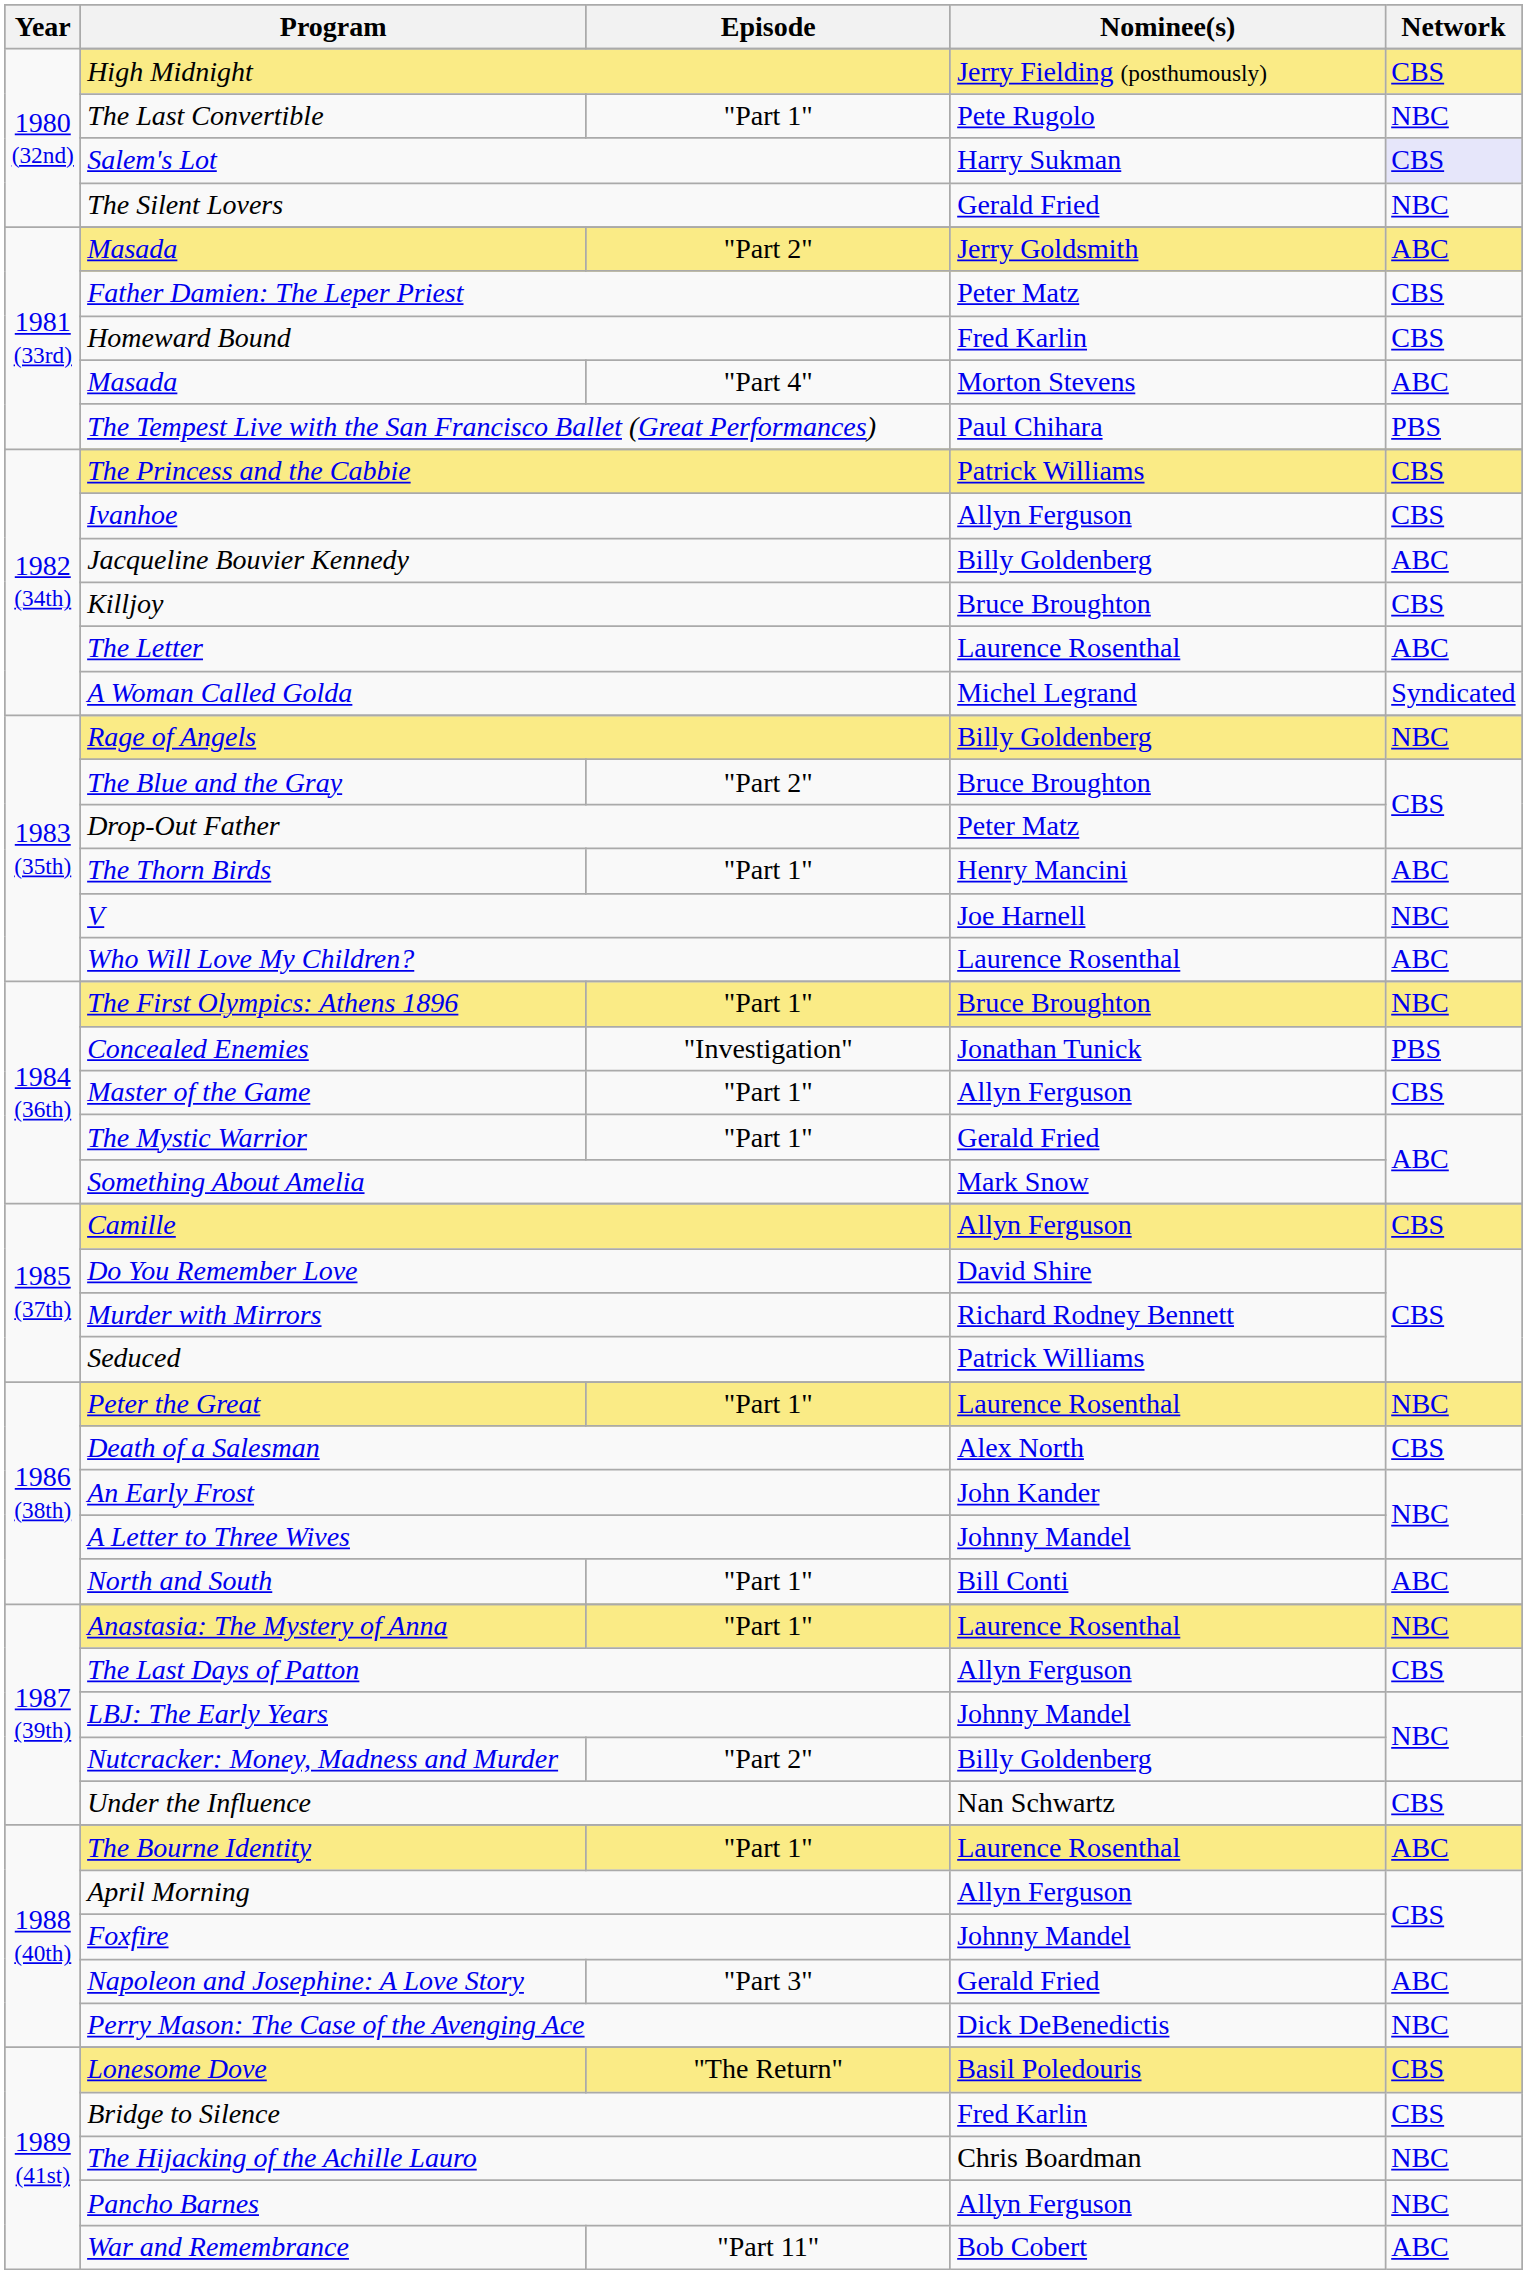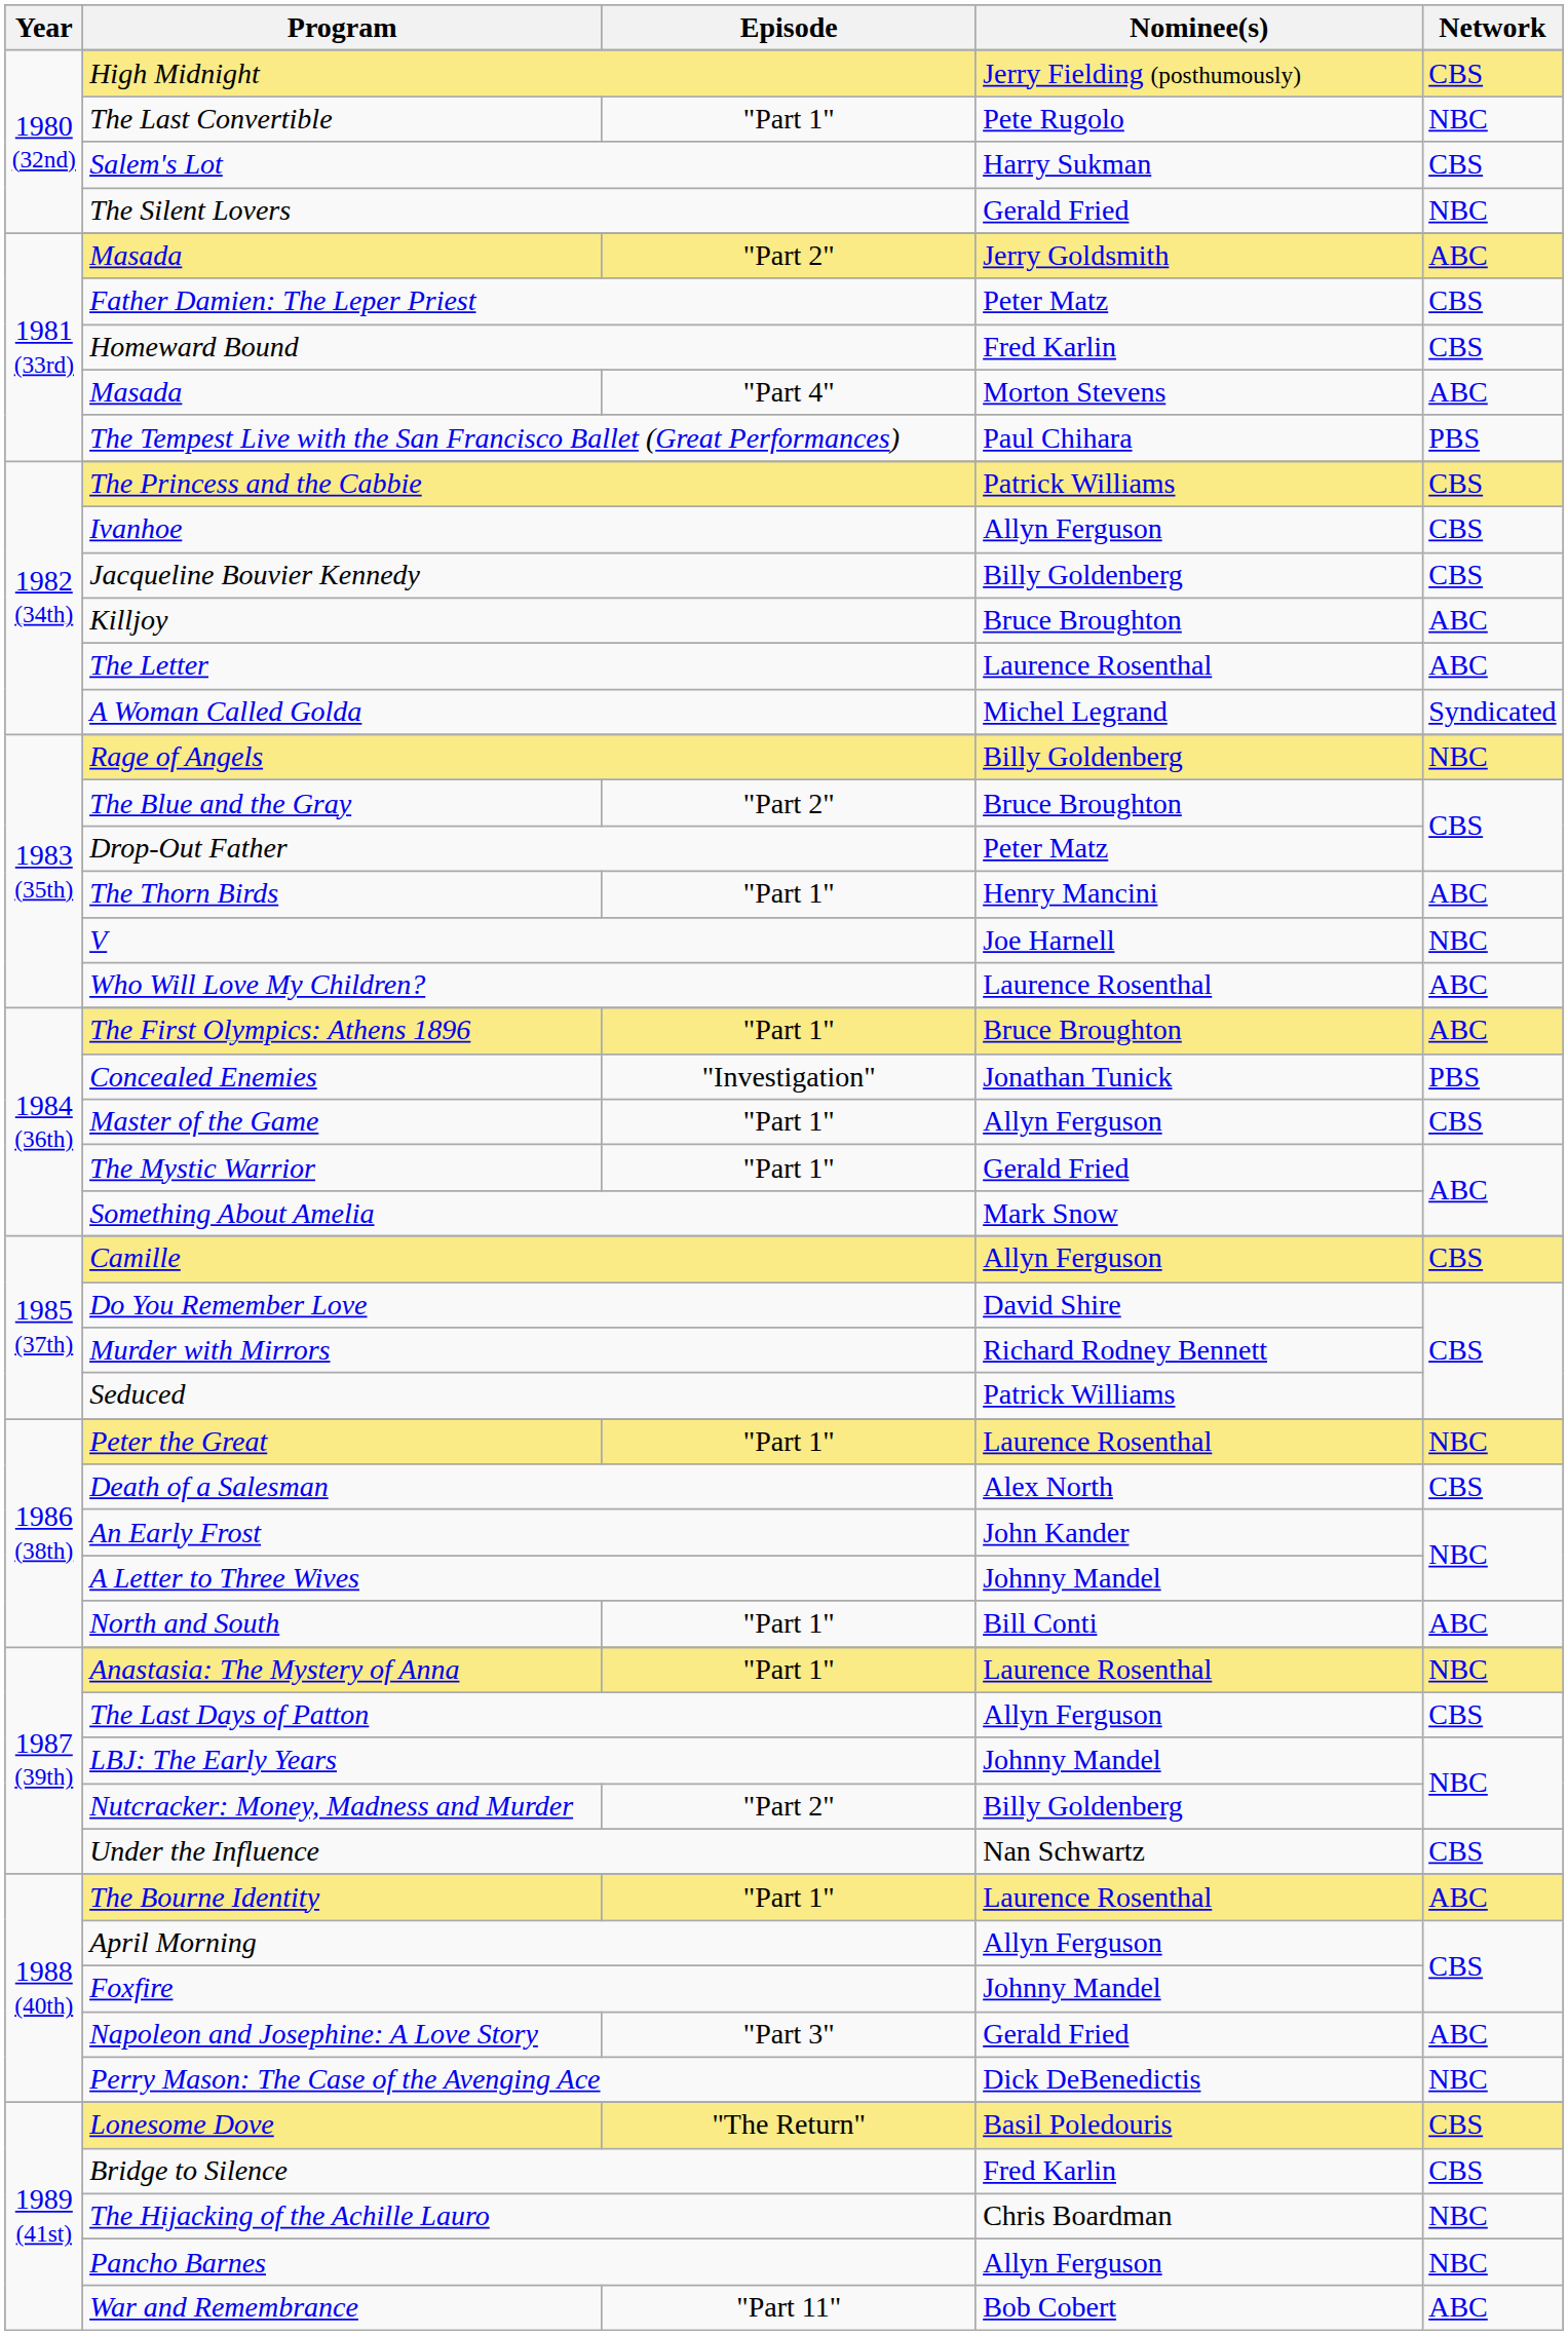 <table class="wikitable">
 <tr>
 <th width="5%">Year</th>
 <th width="35%">Program</th>
 <th width="25%">Episode</th>
 <th width="30%">Nominee(s)</th>
 <th width="5%">Network</th>
 </tr>
 <tr>
 <td rowspan="5" style="text-align:center;"><a href='#'>1980</a><br><small><a href='#'>(32nd)</a></small></td>
 </tr>
 <tr style="background:#FAEB86;">
 <td colspan=2><em>High Midnight</em></td>
 <td><a href='#'>Jerry Fielding</a> <small>(posthumously)</small></td>
 <td><a href='#'>CBS</a></td>
 </tr>
 <tr>
 <td><em>The Last Convertible</em></td>
 <td align=center>"Part 1"</td>
 <td><a href='#'>Pete Rugolo</a></td>
 <td><a href='#'>NBC</a></td>
 </tr>
 <tr>
 <td colspan=2><em><a href='#'>Salem's Lot</a></em></td>
 <td><a href='#'>Harry Sukman</a></td>
-<td style="background: lavender;"><a href='#'>CBS</a></td>
+<td><a href='#'>CBS</a></td>
 </tr>
 <tr>
 <td colspan=2><em>The Silent Lovers</em></td>
 <td><a href='#'>Gerald Fried</a></td>
 <td><a href='#'>NBC</a></td>
 </tr>
 <tr>
 <td rowspan="6" style="text-align:center;"><a href='#'>1981</a><br><small><a href='#'>(33rd)</a></small></td>
 </tr>
 <tr style="background:#FAEB86;">
 <td><em><a href='#'>Masada</a></em></td>
 <td align=center>"Part 2"</td>
 <td><a href='#'>Jerry Goldsmith</a></td>
 <td><a href='#'>ABC</a></td>
 </tr>
 <tr>
 <td colspan=2><em><a href='#'>Father Damien: The Leper Priest</a></em></td>
 <td><a href='#'>Peter Matz</a></td>
 <td><a href='#'>CBS</a></td>
 </tr>
 <tr>
 <td colspan=2><em>Homeward Bound</em></td>
 <td><a href='#'>Fred Karlin</a></td>
 <td><a href='#'>CBS</a></td>
 </tr>
 <tr>
 <td><em><a href='#'>Masada</a></em></td>
 <td align=center>"Part 4"</td>
 <td><a href='#'>Morton Stevens</a></td>
 <td><a href='#'>ABC</a></td>
 </tr>
 <tr>
 <td colspan=2><em><a href='#'>The Tempest Live with the San Francisco Ballet</a> (<a href='#'>Great Performances</a>)</em></td>
 <td><a href='#'>Paul Chihara</a></td>
 <td><a href='#'>PBS</a></td>
 </tr>
 <tr>
 <td rowspan="7" style="text-align:center;"><a href='#'>1982</a><br><small><a href='#'>(34th)</a></small></td>
 </tr>
 <tr style="background:#FAEB86;">
 <td colspan=2><em><a href='#'>The Princess and the Cabbie</a></em></td>
 <td><a href='#'>Patrick Williams</a></td>
 <td><a href='#'>CBS</a></td>
 </tr>
 <tr>
 <td colspan=2><em><a href='#'>Ivanhoe</a></em></td>
 <td><a href='#'>Allyn Ferguson</a></td>
 <td><a href='#'>CBS</a></td>
 </tr>
 <tr>
 <td colspan=2><em>Jacqueline Bouvier Kennedy</em></td>
 <td><a href='#'>Billy Goldenberg</a></td>
-<td><a href='#'>ABC</a></td>
+<td><a href='#'>CBS</a></td>
 </tr>
 <tr>
 <td colspan=2><em>Killjoy</em></td>
 <td><a href='#'>Bruce Broughton</a></td>
-<td><a href='#'>CBS</a></td>
+<td><a href='#'>ABC</a></td>
 </tr>
 <tr>
 <td colspan=2><em><a href='#'>The Letter</a></em></td>
 <td><a href='#'>Laurence Rosenthal</a></td>
 <td><a href='#'>ABC</a></td>
 </tr>
 <tr>
 <td colspan=2><em><a href='#'>A Woman Called Golda</a></em></td>
 <td><a href='#'>Michel Legrand</a></td>
 <td><a href='#'>Syndicated</a></td>
 </tr>
 <tr>
 <td rowspan="7" style="text-align:center;"><a href='#'>1983</a><br><small><a href='#'>(35th)</a></small></td>
 </tr>
 <tr style="background:#FAEB86;">
 <td colspan=2><em><a href='#'>Rage of Angels</a></em></td>
 <td><a href='#'>Billy Goldenberg</a></td>
 <td><a href='#'>NBC</a></td>
 </tr>
 <tr>
 <td><em><a href='#'>The Blue and the Gray</a></em></td>
 <td align=center>"Part 2"</td>
 <td><a href='#'>Bruce Broughton</a></td>
 <td rowspan=2><a href='#'>CBS</a></td>
 </tr>
 <tr>
 <td colspan=2><em>Drop-Out Father</em></td>
 <td><a href='#'>Peter Matz</a></td>
 </tr>
 <tr>
 <td><em><a href='#'>The Thorn Birds</a></em></td>
 <td align=center>"Part 1"</td>
 <td><a href='#'>Henry Mancini</a></td>
 <td><a href='#'>ABC</a></td>
 </tr>
 <tr>
 <td colspan=2><em><a href='#'>V</a></em></td>
 <td><a href='#'>Joe Harnell</a></td>
 <td><a href='#'>NBC</a></td>
 </tr>
 <tr>
 <td colspan=2><em><a href='#'>Who Will Love My Children?</a></em></td>
 <td><a href='#'>Laurence Rosenthal</a></td>
 <td><a href='#'>ABC</a></td>
 </tr>
 <tr>
 <td rowspan="6" style="text-align:center;"><a href='#'>1984</a><br><small><a href='#'>(36th)</a></small></td>
 </tr>
 <tr style="background:#FAEB86;">
 <td><em><a href='#'>The First Olympics: Athens 1896</a></em></td>
 <td align=center>"Part 1"</td>
 <td><a href='#'>Bruce Broughton</a></td>
-<td><a href='#'>NBC</a></td>
+<td><a href='#'>ABC</a></td>
 </tr>
 <tr>
 <td><em><a href='#'>Concealed Enemies</a></em></td>
 <td align=center>"Investigation"</td>
 <td><a href='#'>Jonathan Tunick</a></td>
 <td><a href='#'>PBS</a></td>
 </tr>
 <tr>
 <td><em><a href='#'>Master of the Game</a></em></td>
 <td align=center>"Part 1"</td>
 <td><a href='#'>Allyn Ferguson</a></td>
 <td><a href='#'>CBS</a></td>
 </tr>
 <tr>
 <td><em><a href='#'>The Mystic Warrior</a></em></td>
 <td align=center>"Part 1"</td>
 <td><a href='#'>Gerald Fried</a></td>
 <td rowspan=2><a href='#'>ABC</a></td>
 </tr>
 <tr>
 <td colspan=2><em><a href='#'>Something About Amelia</a></em></td>
 <td><a href='#'>Mark Snow</a></td>
 </tr>
 <tr>
 <td rowspan="5" style="text-align:center;"><a href='#'>1985</a><br><small><a href='#'>(37th)</a></small></td>
 </tr>
 <tr style="background:#FAEB86;">
 <td colspan=2><em><a href='#'>Camille</a></em></td>
 <td><a href='#'>Allyn Ferguson</a></td>
 <td><a href='#'>CBS</a></td>
 </tr>
 <tr>
 <td colspan=2><em><a href='#'>Do You Remember Love</a></em></td>
 <td><a href='#'>David Shire</a></td>
 <td rowspan=3><a href='#'>CBS</a></td>
 </tr>
 <tr>
 <td colspan=2><em><a href='#'>Murder with Mirrors</a></em></td>
 <td><a href='#'>Richard Rodney Bennett</a></td>
 </tr>
 <tr>
 <td colspan=2><em>Seduced</em></td>
 <td><a href='#'>Patrick Williams</a></td>
 </tr>
 <tr>
 <td rowspan="6" style="text-align:center;"><a href='#'>1986</a><br><small><a href='#'>(38th)</a></small></td>
 </tr>
 <tr style="background:#FAEB86;">
 <td><em><a href='#'>Peter the Great</a></em></td>
 <td align=center>"Part 1"</td>
 <td><a href='#'>Laurence Rosenthal</a></td>
 <td><a href='#'>NBC</a></td>
 </tr>
 <tr>
 <td colspan=2><em><a href='#'>Death of a Salesman</a></em></td>
 <td><a href='#'>Alex North</a></td>
 <td><a href='#'>CBS</a></td>
 </tr>
 <tr>
 <td colspan=2><em><a href='#'>An Early Frost</a></em></td>
 <td><a href='#'>John Kander</a></td>
 <td rowspan=2><a href='#'>NBC</a></td>
 </tr>
 <tr>
 <td colspan=2><em><a href='#'>A Letter to Three Wives</a></em></td>
 <td><a href='#'>Johnny Mandel</a></td>
 </tr>
 <tr>
 <td><em><a href='#'>North and South</a></em></td>
 <td align=center>"Part 1"</td>
 <td><a href='#'>Bill Conti</a></td>
 <td><a href='#'>ABC</a></td>
 </tr>
 <tr>
 <td rowspan="6" style="text-align:center;"><a href='#'>1987</a><br><small><a href='#'>(39th)</a></small></td>
 </tr>
 <tr style="background:#FAEB86;">
 <td><em><a href='#'>Anastasia: The Mystery of Anna</a></em></td>
 <td align=center>"Part 1"</td>
 <td><a href='#'>Laurence Rosenthal</a></td>
 <td><a href='#'>NBC</a></td>
 </tr>
 <tr>
 <td colspan=2><em><a href='#'>The Last Days of Patton</a></em></td>
 <td><a href='#'>Allyn Ferguson</a></td>
 <td><a href='#'>CBS</a></td>
 </tr>
 <tr>
 <td colspan=2><em><a href='#'>LBJ: The Early Years</a></em></td>
 <td><a href='#'>Johnny Mandel</a></td>
 <td rowspan=2><a href='#'>NBC</a></td>
 </tr>
 <tr>
 <td><em><a href='#'>Nutcracker: Money, Madness and Murder</a></em></td>
 <td align=center>"Part 2"</td>
 <td><a href='#'>Billy Goldenberg</a></td>
 </tr>
 <tr>
 <td colspan=2><em>Under the Influence</em></td>
 <td>Nan Schwartz</td>
 <td><a href='#'>CBS</a></td>
 </tr>
 <tr>
 <td rowspan="6" style="text-align:center;"><a href='#'>1988</a><br><small><a href='#'>(40th)</a></small></td>
 </tr>
 <tr style="background:#FAEB86;">
 <td><em><a href='#'>The Bourne Identity</a></em></td>
 <td align=center>"Part 1"</td>
 <td><a href='#'>Laurence Rosenthal</a></td>
 <td><a href='#'>ABC</a></td>
 </tr>
 <tr>
 <td colspan=2><em>April Morning</em></td>
 <td><a href='#'>Allyn Ferguson</a></td>
 <td rowspan=2><a href='#'>CBS</a></td>
 </tr>
 <tr>
 <td colspan=2><em><a href='#'>Foxfire</a></em></td>
 <td><a href='#'>Johnny Mandel</a></td>
 </tr>
 <tr>
 <td><em><a href='#'>Napoleon and Josephine: A Love Story</a></em></td>
 <td align=center>"Part 3"</td>
 <td><a href='#'>Gerald Fried</a></td>
 <td><a href='#'>ABC</a></td>
 </tr>
 <tr>
 <td colspan=2><em><a href='#'>Perry Mason: The Case of the Avenging Ace</a></em></td>
 <td><a href='#'>Dick DeBenedictis</a></td>
 <td><a href='#'>NBC</a></td>
 </tr>
 <tr>
 <td rowspan="6" style="text-align:center;"><a href='#'>1989</a><br><small><a href='#'>(41st)</a></small></td>
 </tr>
 <tr style="background:#FAEB86;">
 <td><em><a href='#'>Lonesome Dove</a></em></td>
 <td align=center>"The Return"</td>
 <td><a href='#'>Basil Poledouris</a></td>
 <td><a href='#'>CBS</a></td>
 </tr>
 <tr>
 <td colspan=2><em>Bridge to Silence</em></td>
 <td><a href='#'>Fred Karlin</a></td>
 <td><a href='#'>CBS</a></td>
 </tr>
 <tr>
 <td colspan=2><em><a href='#'>The Hijacking of the Achille Lauro</a></em></td>
 <td>Chris Boardman</td>
 <td><a href='#'>NBC</a></td>
 </tr>
 <tr>
 <td colspan=2><em><a href='#'>Pancho Barnes</a></em></td>
 <td><a href='#'>Allyn Ferguson</a></td>
 <td><a href='#'>NBC</a></td>
 </tr>
 <tr>
 <td><em><a href='#'>War and Remembrance</a></em></td>
 <td align=center>"Part 11"</td>
 <td><a href='#'>Bob Cobert</a></td>
 <td><a href='#'>ABC</a></td>
 </tr>
 </table>
